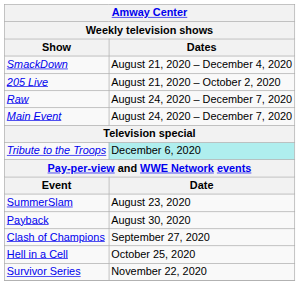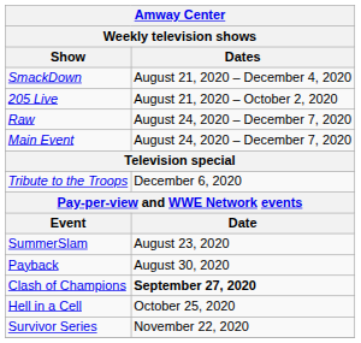 <table class="wikitable">
 <tr>
 <th colspan="7"><a href='#'>Amway Center</a></th>
 </tr>
 <tr>
 <th colspan="2">Weekly television shows</th>
 </tr>
 <tr>
 <th>Show</th>
 <th>Dates</th>
 </tr>
 <tr>
 <td><em><a href='#'>SmackDown</a></em></td>
 <td>August 21, 2020 – December 4, 2020</td>
 </tr>
 <tr>
 <td><em><a href='#'>205 Live</a></em></td>
 <td>August 21, 2020 – October 2, 2020</td>
 </tr>
 <tr>
 <td><em><a href='#'>Raw</a></em></td>
 <td>August 24, 2020 – December 7, 2020</td>
 </tr>
 <tr>
 <td><em><a href='#'>Main Event</a></em></td>
 <td>August 24, 2020 – December 7, 2020<br></td>
 </tr>
 <tr>
 <th colspan="2">Television special</th>
 </tr>
 <tr>
 <td><em><a href='#'>Tribute to the Troops</a></em></td>
-<td style="background: paleturquoise;">December 6, 2020</td>
+<td>December 6, 2020</td>
 </tr>
 <tr>
 <th colspan="5"><a href='#'>Pay-per-view</a> and <a href='#'>WWE Network</a> <a href='#'>events</a></th>
 </tr>
 <tr>
 <th>Event</th>
 <th>Date</th>
 </tr>
 <tr>
 <td><a href='#'>SummerSlam</a></td>
 <td>August 23, 2020</td>
 </tr>
 <tr>
 <td><a href='#'>Payback</a></td>
 <td>August 30, 2020</td>
 </tr>
 <tr>
 <td><a href='#'>Clash of Champions</a></td>
-<td>September 27, 2020</td>
+<td><strong>September 27, 2020</strong></td>
 </tr>
 <tr>
 <td><a href='#'>Hell in a Cell</a></td>
 <td>October 25, 2020</td>
 </tr>
 <tr>
 <td><a href='#'>Survivor Series</a></td>
 <td>November 22, 2020</td>
 </tr>
 <tr>
 </tr>
 </table>
